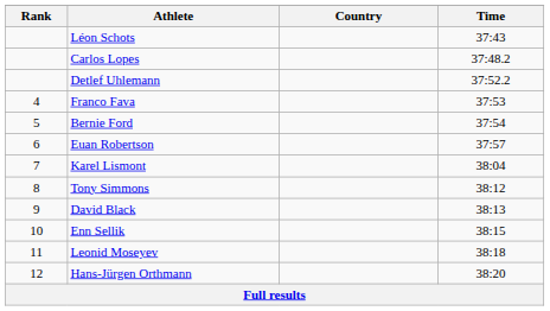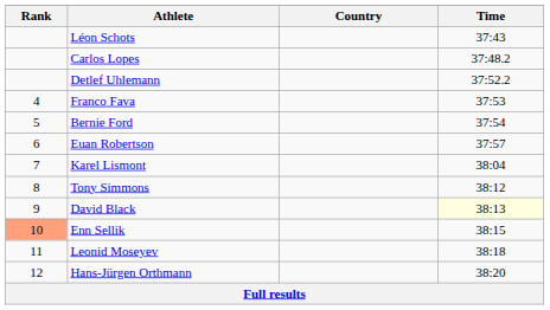 <table class="wikitable sortable" style=" text-align:center; font-size:95%;" width="50%">
 <tr>
 </tr>
 <tr>
 <th width=5%>Rank</th>
 <th width=20%>Athlete</th>
 <th width=15%>Country</th>
 <th width=10%>Time</th>
 </tr>
 <tr>
 <td align=center></td>
 <td align=left><a href='#'>Léon Schots</a></td>
 <td align=left></td>
 <td>37:43</td>
 </tr>
 <tr>
 <td align=center></td>
 <td align=left><a href='#'>Carlos Lopes</a></td>
 <td align=left></td>
 <td>37:48.2</td>
 </tr>
 <tr>
 <td align=center></td>
 <td align=left><a href='#'>Detlef Uhlemann</a></td>
 <td align=left></td>
 <td>37:52.2</td>
 </tr>
 <tr>
 <td align=center>4</td>
 <td align=left><a href='#'>Franco Fava</a></td>
 <td align=left></td>
 <td>37:53</td>
 </tr>
 <tr>
 <td align=center>5</td>
 <td align=left><a href='#'>Bernie Ford</a></td>
 <td align=left></td>
 <td>37:54</td>
 </tr>
 <tr>
 <td align=center>6</td>
 <td align=left><a href='#'>Euan Robertson</a></td>
 <td align=left></td>
 <td>37:57</td>
 </tr>
 <tr>
 <td align=center>7</td>
 <td align=left><a href='#'>Karel Lismont</a></td>
 <td align=left></td>
 <td>38:04</td>
 </tr>
 <tr>
 <td align=center>8</td>
 <td align=left><a href='#'>Tony Simmons</a></td>
 <td align=left></td>
 <td>38:12</td>
 </tr>
 <tr>
 <td align=center>9</td>
 <td align=left><a href='#'>David Black</a></td>
 <td align=left></td>
-<td>38:13</td>
+<td style="background: lightyellow;">38:13</td>
 </tr>
 <tr>
-<td align=center>10</td>
+<td align=center style="background: lightsalmon;">10</td>
 <td align=left><a href='#'>Enn Sellik</a></td>
 <td align=left></td>
 <td>38:15</td>
 </tr>
 <tr>
 <td align=center>11</td>
 <td align=left><a href='#'>Leonid Moseyev</a></td>
 <td align=left></td>
 <td>38:18</td>
 </tr>
 <tr>
 <td align=center>12</td>
 <td align=left><a href='#'>Hans-Jürgen Orthmann</a></td>
 <td align=left></td>
 <td>38:20</td>
 </tr>
 <tr class="sortbottom">
 <th colspan=4 align=center><a href='#'>Full results</a></th>
 </tr>
 </table>
